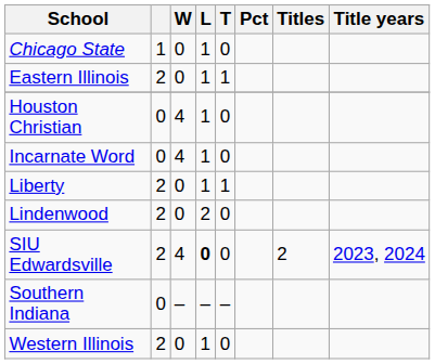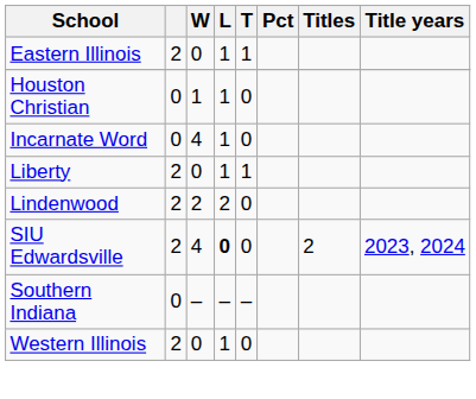 <table class="wikitable sortable">
 <tr>
 <th width=120px>School</th>
 <th width=px></th>
 <th width=px>W</th>
 <th width=px>L</th>
 <th width=px>T</th>
 <th width=px>Pct</th>
 <th width=px>Titles</th>
 <th width=px>Title years</th>
-</tr>
-<tr>
-<td><em><a href='#'>Chicago State</a></em></td>
-<td>1</td>
-<td>0</td>
-<td>1</td>
-<td>0</td>
-<td></td>
-<td></td>
-<td></td>
 </tr>
 <tr>
 <td><a href='#'>Eastern Illinois</a></td>
 <td>2</td>
 <td>0</td>
 <td>1</td>
 <td>1</td>
 <td></td>
 <td></td>
 <td></td>
 </tr>
 <tr>
 </tr>
 <tr>
 <td><a href='#'>Houston Christian</a></td>
 <td>0</td>
-<td>4</td>
+<td>1</td>
 <td>1</td>
 <td>0</td>
 <td></td>
 <td></td>
 <td></td>
 </tr>
 <tr>
 <td><a href='#'>Incarnate Word</a></td>
 <td>0</td>
 <td>4</td>
 <td>1</td>
 <td>0</td>
 <td></td>
 <td></td>
 <td></td>
 </tr>
 <tr>
 <td><a href='#'>Liberty</a></td>
 <td>2</td>
 <td>0</td>
 <td>1</td>
 <td>1</td>
 <td></td>
 <td></td>
 <td></td>
 </tr>
 <tr>
 <td><a href='#'>Lindenwood</a></td>
 <td>2</td>
-<td>0</td>
+<td>2</td>
 <td>2</td>
 <td>0</td>
 <td></td>
 <td></td>
 <td></td>
 </tr>
 <tr>
 <td><a href='#'>SIU Edwardsville</a></td>
 <td>2</td>
 <td>4</td>
 <td><strong>0</strong></td>
 <td>0</td>
 <td></td>
 <td>2</td>
 <td><a href='#'>2023</a>, <a href='#'>2024</a></td>
 </tr>
 <tr>
 <td><a href='#'>Southern Indiana</a></td>
 <td>0</td>
 <td>–</td>
 <td>–</td>
 <td>–</td>
 <td></td>
 <td></td>
 <td></td>
 </tr>
 <tr>
 <td><a href='#'>Western Illinois</a></td>
 <td>2</td>
 <td>0</td>
 <td>1</td>
 <td>0</td>
 <td></td>
 <td></td>
 <td></td>
 </tr>
 </table>
